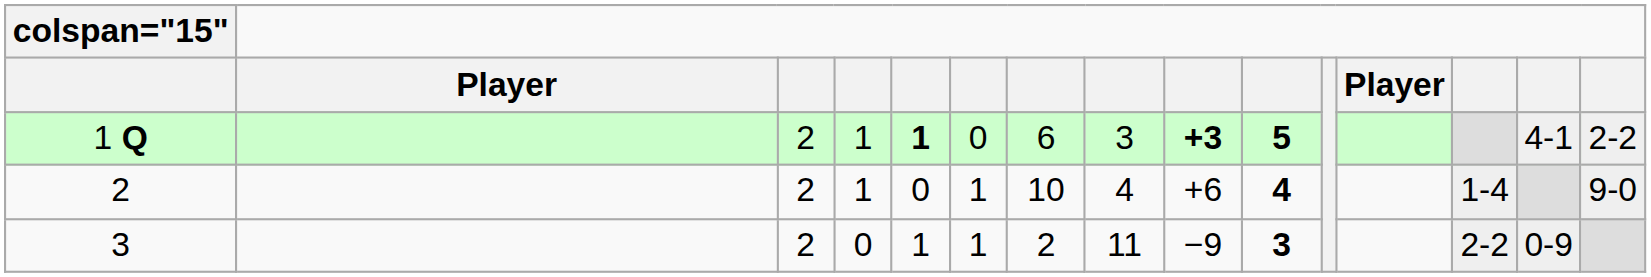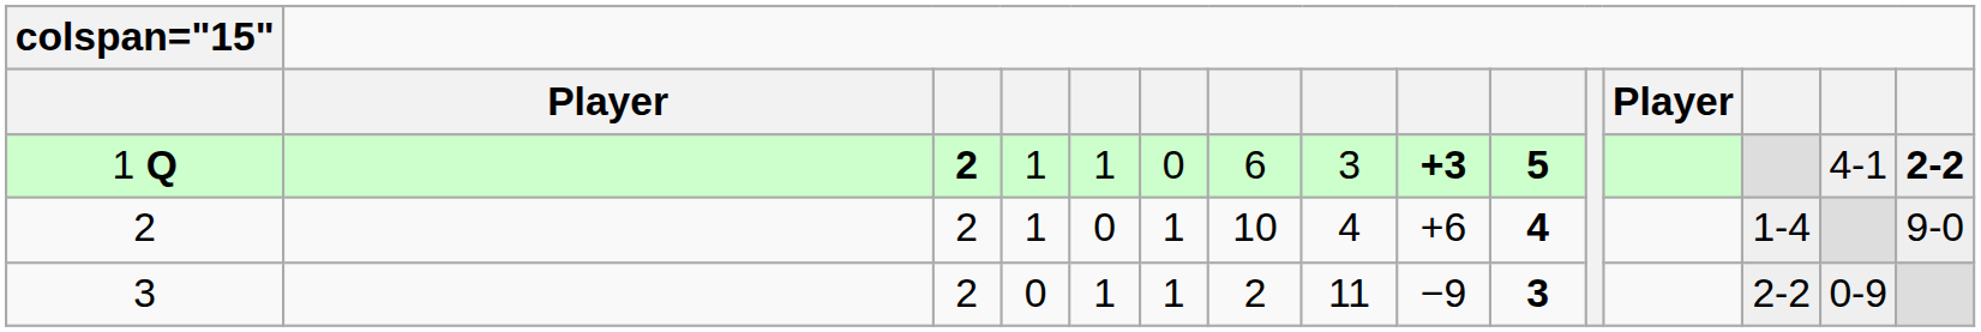 <table class=wikitable style=text-align:center>
 <tr>
 <th>colspan="15" </th>
 </tr>
 <tr>
 <th width=20 abbr=Position></th>
 <th width=250>Player</th>
 <th width=20 abbr=Played></th>
 <th width=20 abbr=Won></th>
 <th width=20 abbr=Drawn></th>
 <th width=20 abbr=Lost></th>
 <th width=30 abbr=Points for></th>
 <th width=30 abbr=Points against></th>
 <th width=30 abbr=Points difference></th>
 <th width=30 abbr=Points></th>
 <th rowspan="4" abbr=H2H></th>
 <th>Player</th>
 <th></th>
 <th></th>
 <th></th>
 </tr>
 <tr bgcolor=#CCFFCC>
 <td>1 <strong>Q</strong></td>
 <td align=left><strong></strong></td>
-<td>2</td>
+<td><strong>2</strong></td>
 <td>1</td>
-<td><strong>1</strong></td>
+<td>1</td>
 <td>0</td>
 <td>6</td>
 <td>3</td>
 <td><strong>+3</strong></td>
 <td><strong>5</strong></td>
 <td></td>
 <td bgcolor="#dddddd"> </td>
 <td bgcolor="#efefef">4-1</td>
-<td bgcolor="#efefef">2-2</td>
+<td bgcolor="#efefef"><strong>2-2</strong></td>
 </tr>
 <tr>
 <td>2  </td>
 <td align=left><strong></strong></td>
 <td>2</td>
 <td>1</td>
 <td>0</td>
 <td>1</td>
 <td>10</td>
 <td>4</td>
 <td>+6</td>
 <td><strong>4</strong></td>
 <td></td>
 <td bgcolor="#efefef">1-4</td>
 <td bgcolor="#dddddd"> </td>
 <td bgcolor="#efefef">9-0</td>
 </tr>
 <tr>
 <td>3 </td>
 <td align=left></td>
 <td>2</td>
 <td>0</td>
 <td>1</td>
 <td>1</td>
 <td>2</td>
 <td>11</td>
 <td>−9</td>
 <td><strong>3</strong></td>
 <td></td>
 <td bgcolor="#efefef">2-2</td>
 <td bgcolor="#efefef">0-9</td>
 <td bgcolor="#dddddd"> </td>
 </tr>
 </table>
